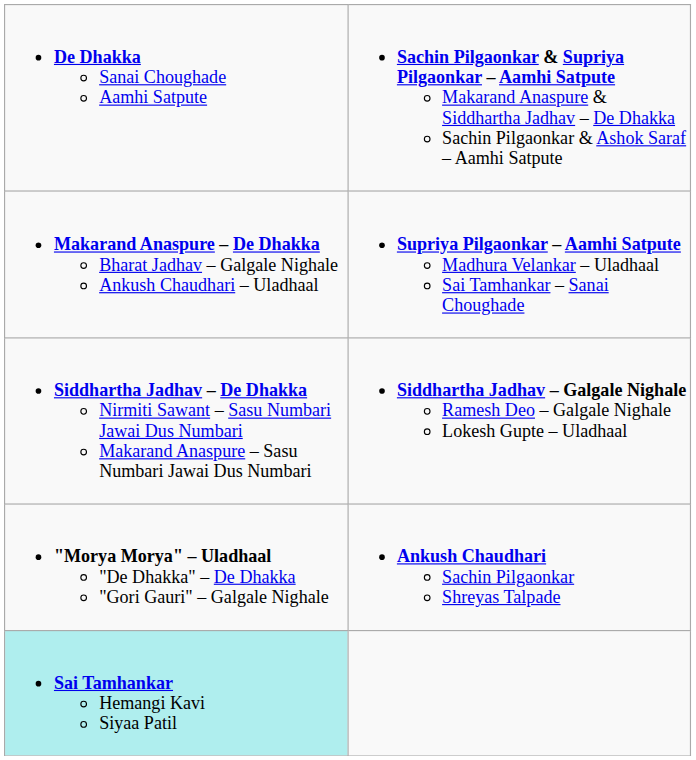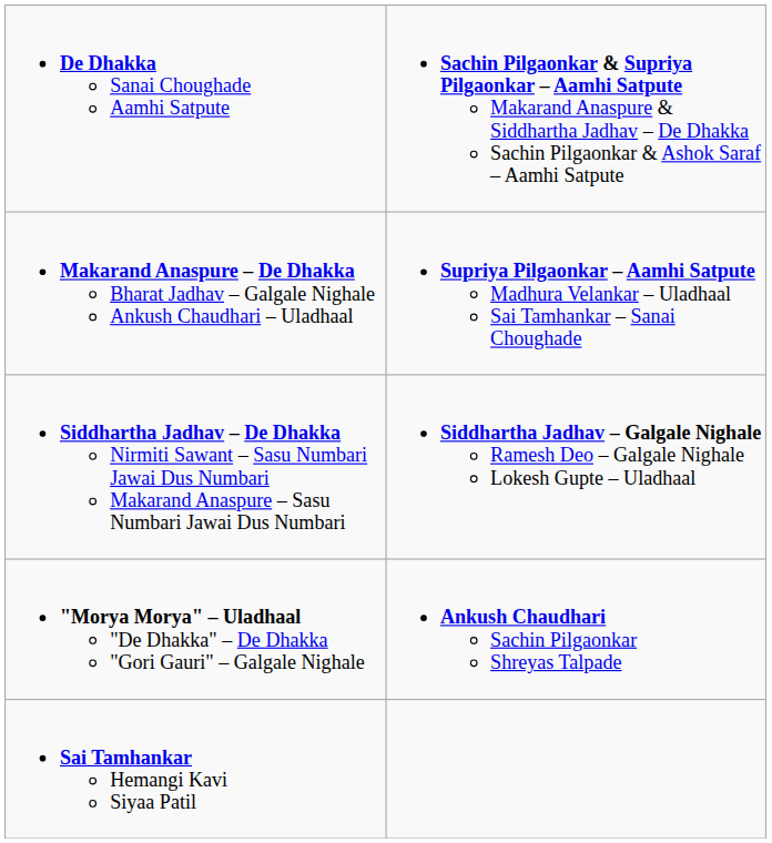 <table class="wikitable" role="presentation">
 <tr>
 <td style="vertical-align:top; width:50%;"><br><ul><li><strong><a href='#'>De Dhakka</a></strong><ul><li><a href='#'>Sanai Choughade</a></li><li><a href='#'>Aamhi Satpute</a></li></ul></li></ul></td>
 <td style="vertical-align:top; width:50%;"><br><ul><li><strong><a href='#'>Sachin Pilgaonkar</a> & <a href='#'>Supriya Pilgaonkar</a> – <a href='#'>Aamhi Satpute</a></strong><ul><li><a href='#'>Makarand Anaspure</a> & <a href='#'>Siddhartha Jadhav</a> – <a href='#'>De Dhakka</a></li><li>Sachin Pilgaonkar & <a href='#'>Ashok Saraf</a> – Aamhi Satpute</li></ul></li></ul></td>
 </tr>
 <tr>
 <td style="vertical-align:top; width:50%;"><br><ul><li><strong><a href='#'>Makarand Anaspure</a> – <a href='#'>De Dhakka</a></strong><ul><li><a href='#'>Bharat Jadhav</a> – Galgale Nighale</li><li><a href='#'>Ankush Chaudhari</a> – Uladhaal</li></ul></li></ul></td>
 <td style="vertical-align:top; width:50%;"><br><ul><li><strong><a href='#'>Supriya Pilgaonkar</a> – <a href='#'>Aamhi Satpute</a></strong><ul><li><a href='#'>Madhura Velankar</a> – Uladhaal</li><li><a href='#'>Sai Tamhankar</a> – <a href='#'>Sanai Choughade</a></li></ul></li></ul></td>
 </tr>
 <tr>
 <td style="vertical-align:top; width:50%;"><br><ul><li><strong><a href='#'>Siddhartha Jadhav</a> – <a href='#'>De Dhakka</a></strong><ul><li><a href='#'>Nirmiti Sawant</a> – <a href='#'>Sasu Numbari Jawai Dus Numbari</a></li><li><a href='#'>Makarand Anaspure</a> – Sasu Numbari Jawai Dus Numbari</li></ul></li></ul></td>
 <td style="vertical-align:top; width:50%;"><br><ul><li><strong><a href='#'>Siddhartha Jadhav</a> – Galgale Nighale</strong><ul><li><a href='#'>Ramesh Deo</a> – Galgale Nighale</li><li>Lokesh Gupte – Uladhaal</li></ul></li></ul></td>
 </tr>
 <tr>
 <td style="vertical-align:top; width:50%;"><br><ul><li><strong>"Morya Morya" – Uladhaal</strong><ul><li>"De Dhakka" – <a href='#'>De Dhakka</a></li><li>"Gori Gauri" – Galgale Nighale</li></ul></li></ul></td>
 <td style="vertical-align:top; width:50%;"><br><ul><li><strong><a href='#'>Ankush Chaudhari</a></strong><ul><li><a href='#'>Sachin Pilgaonkar</a></li><li><a href='#'>Shreyas Talpade</a></li></ul></li></ul></td>
 </tr>
 <tr>
-<td style="background: paleturquoise; vertical-align:top; width:50%;"><br><ul><li><strong><a href='#'>Sai Tamhankar</a></strong><ul><li>Hemangi Kavi</li><li>Siyaa Patil</li></ul></li></ul></td>
+<td style="vertical-align:top; width:50%;"><br><ul><li><strong><a href='#'>Sai Tamhankar</a></strong><ul><li>Hemangi Kavi</li><li>Siyaa Patil</li></ul></li></ul></td>
 </tr>
 </table>
